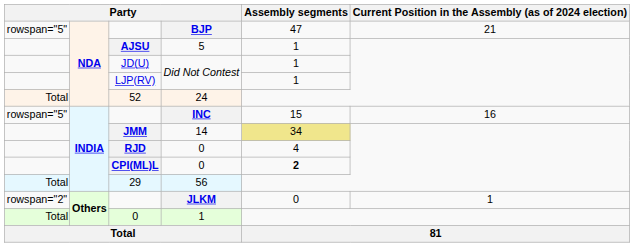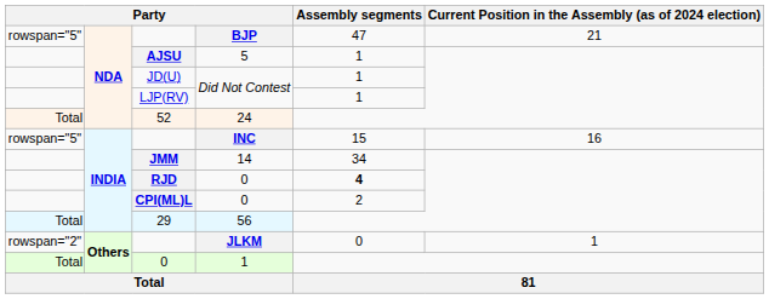 <table class="wikitable" style="text-align:center">
 <tr>
 <th colspan=4>Party</th>
 <th>Assembly segments</th>
 <th>Current Position in the Assembly (as of 2024 election)</th>
 </tr>
 <tr>
 <td>rowspan="5" </td>
 <th rowspan="5"style="background:#fef3e8"><a href='#'>NDA</a></th>
 <td></td>
 <th><a href='#'>BJP</a></th>
 <td>47</td>
 <td>21</td>
 </tr>
 <tr>
 <td></td>
 <th><a href='#'>AJSU</a></th>
 <td>5</td>
 <td>1</td>
 </tr>
 <tr>
 <td></td>
 <td><a href='#'>JD(U)</a></td>
 <td rowspan=2><em>Did Not Contest</em></td>
 <td>1</td>
 </tr>
 <tr>
 <td></td>
 <td><a href='#'>LJP(RV)</a></td>
 <td>1</td>
 </tr>
 <tr>
 <td colspan="2"style="background:#fef3e8">Total</td>
 <td style="background:#fef3e8">52</td>
 <td style="background:#fef3e8">24</td>
 </tr>
 <tr>
 <td>rowspan="5" </td>
 <th rowspan="5"style="background:#E5F8FF"><a href='#'>INDIA</a></th>
 <td></td>
 <th><a href='#'>INC</a></th>
 <td>15</td>
 <td>16</td>
 </tr>
 <tr>
 <td></td>
 <th><a href='#'>JMM</a></th>
 <td>14</td>
-<td style="background: khaki;">34</td>
+<td>34</td>
 </tr>
 <tr>
 <td></td>
 <th><a href='#'>RJD</a></th>
 <td>0</td>
-<td>4</td>
+<td><strong>4</strong></td>
 </tr>
 <tr>
 <td></td>
 <th><a href='#'>CPI(ML)L</a></th>
 <td>0</td>
-<td><strong>2</strong></td>
+<td>2</td>
 </tr>
 <tr>
 <td colspan="2"style="background:#E5F8FF">Total</td>
 <td style="background:#E5F8FF">29</td>
 <td style="background:#E5F8FF">56</td>
 </tr>
 <tr>
 <td>rowspan="2" </td>
 <th rowspan="2"style="background:#E5FFDA">Others</th>
 <td></td>
 <th><a href='#'>JLKM</a></th>
 <td>0</td>
 <td>1</td>
 </tr>
 <tr>
 <td colspan="2"style="background:#E5FFDA">Total</td>
 <td style="background:#E5FFDA">0</td>
 <td style="background:#E5FFDA">1</td>
 </tr>
 <tr>
 <th colspan="4">Total</th>
 <th colspan=2>81</th>
 </tr>
 </table>
